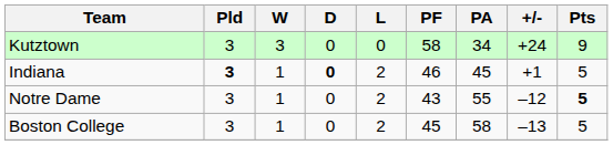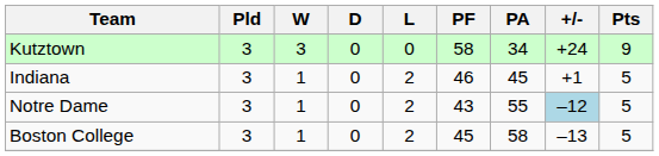 <table class="wikitable" style="text-align: center;">
 <tr>
 <th width="180">Team</th>
 <th width="40">Pld</th>
 <th width="40">W</th>
 <th width="40">D</th>
 <th width="40">L</th>
 <th width="40">PF</th>
 <th width="40">PA</th>
 <th width="40">+/-</th>
 <th width="40">Pts</th>
 </tr>
 <tr bgcolor=#ccffcc>
 <td align="left">Kutztown</td>
 <td>3</td>
 <td>3</td>
 <td>0</td>
 <td>0</td>
 <td>58</td>
 <td>34</td>
 <td>+24</td>
 <td>9</td>
 </tr>
 <tr>
 <td align="left">Indiana</td>
-<td><strong>3</strong></td>
+<td>3</td>
 <td>1</td>
-<td><strong>0</strong></td>
+<td>0</td>
 <td>2</td>
 <td>46</td>
 <td>45</td>
 <td>+1</td>
 <td>5</td>
 </tr>
 <tr>
 <td align="left">Notre Dame</td>
 <td>3</td>
 <td>1</td>
 <td>0</td>
 <td>2</td>
 <td>43</td>
 <td>55</td>
-<td>–12</td>
-<td><strong>5</strong></td>
+<td style="background: lightblue;">–12</td>
+<td>5</td>
 </tr>
 <tr>
 <td align="left">Boston College</td>
 <td>3</td>
 <td>1</td>
 <td>0</td>
 <td>2</td>
 <td>45</td>
 <td>58</td>
 <td>–13</td>
 <td>5</td>
 </tr>
 <tr>
 </tr>
 </table>
